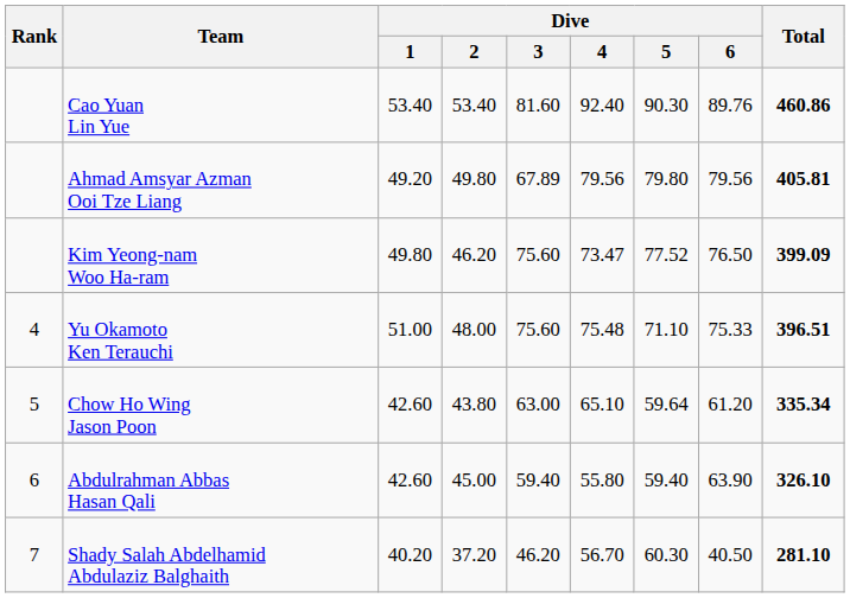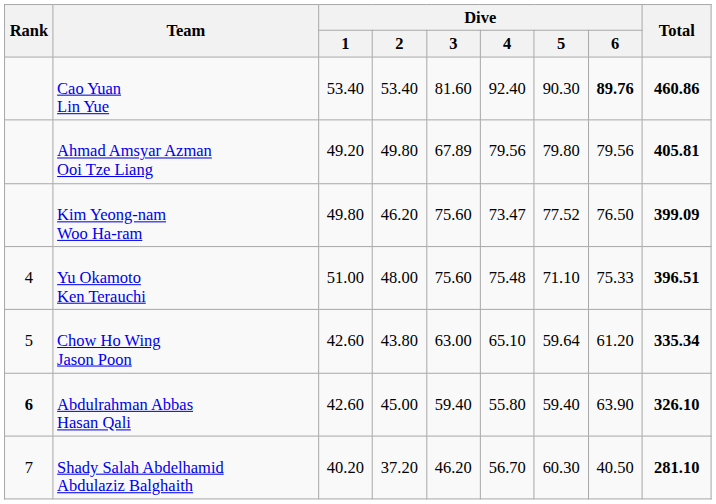 <table class=wikitable style="text-align:center">
 <tr>
 <th rowspan="2" width=40>Rank</th>
 <th rowspan="2" width=250>Team</th>
 <th colspan="6">Dive</th>
 <th rowspan="2" width=60>Total</th>
 </tr>
 <tr>
 <th width=45>1</th>
 <th width=45>2</th>
 <th width=45>3</th>
 <th width=45>4</th>
 <th width=45>5</th>
 <th width=45>6</th>
 </tr>
 <tr>
 <td></td>
 <td align=left><br><a href='#'>Cao Yuan</a><br><a href='#'>Lin Yue</a></td>
 <td>53.40</td>
 <td>53.40</td>
 <td>81.60</td>
 <td>92.40</td>
 <td>90.30</td>
-<td>89.76</td>
+<td><strong>89.76</strong></td>
 <td><strong>460.86</strong></td>
 </tr>
 <tr>
 <td></td>
 <td align=left><br><a href='#'>Ahmad Amsyar Azman</a><br><a href='#'>Ooi Tze Liang</a></td>
 <td>49.20</td>
 <td>49.80</td>
 <td>67.89</td>
 <td>79.56</td>
 <td>79.80</td>
 <td>79.56</td>
 <td><strong>405.81</strong></td>
 </tr>
 <tr>
 <td></td>
 <td align=left><br><a href='#'>Kim Yeong-nam</a><br><a href='#'>Woo Ha-ram</a></td>
 <td>49.80</td>
 <td>46.20</td>
 <td>75.60</td>
 <td>73.47</td>
 <td>77.52</td>
 <td>76.50</td>
 <td><strong>399.09</strong></td>
 </tr>
 <tr>
 <td>4</td>
 <td align=left><br><a href='#'>Yu Okamoto</a><br><a href='#'>Ken Terauchi</a></td>
 <td>51.00</td>
 <td>48.00</td>
 <td>75.60</td>
 <td>75.48</td>
 <td>71.10</td>
 <td>75.33</td>
 <td><strong>396.51</strong></td>
 </tr>
 <tr>
 <td>5</td>
 <td align=left><br><a href='#'>Chow Ho Wing</a><br><a href='#'>Jason Poon</a></td>
 <td>42.60</td>
 <td>43.80</td>
 <td>63.00</td>
 <td>65.10</td>
 <td>59.64</td>
 <td>61.20</td>
 <td><strong>335.34</strong></td>
 </tr>
 <tr>
-<td>6</td>
+<td><strong>6</strong></td>
 <td align=left><br><a href='#'>Abdulrahman Abbas</a><br><a href='#'>Hasan Qali</a></td>
 <td>42.60</td>
 <td>45.00</td>
 <td>59.40</td>
 <td>55.80</td>
 <td>59.40</td>
 <td>63.90</td>
 <td><strong>326.10</strong></td>
 </tr>
 <tr>
 <td>7</td>
 <td align=left><br><a href='#'>Shady Salah Abdelhamid</a><br><a href='#'>Abdulaziz Balghaith</a></td>
 <td>40.20</td>
 <td>37.20</td>
 <td>46.20</td>
 <td>56.70</td>
 <td>60.30</td>
 <td>40.50</td>
 <td><strong>281.10</strong></td>
 </tr>
 </table>
